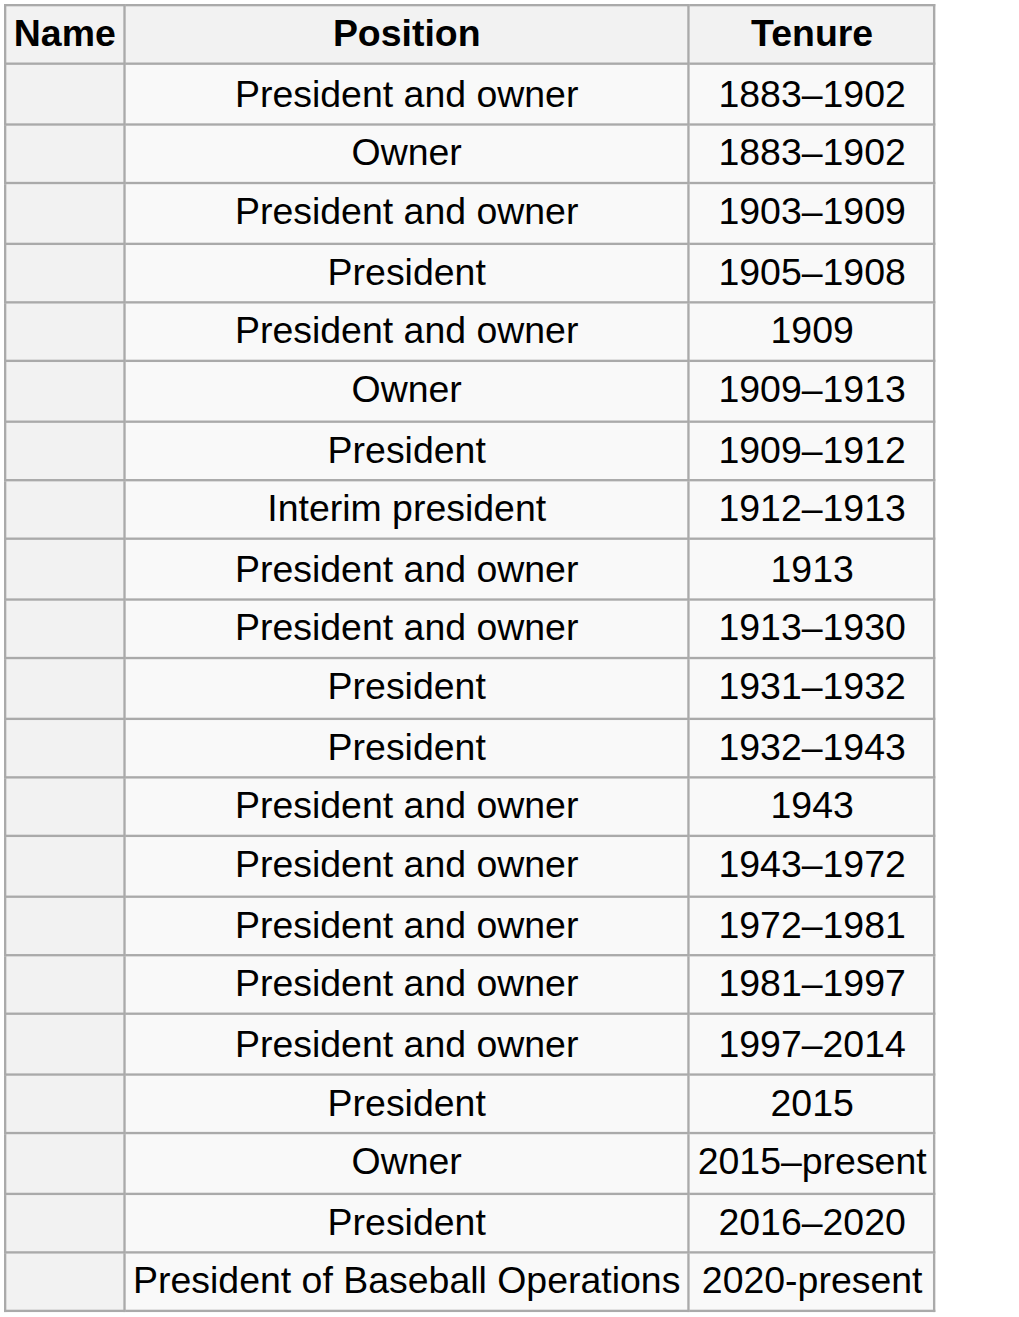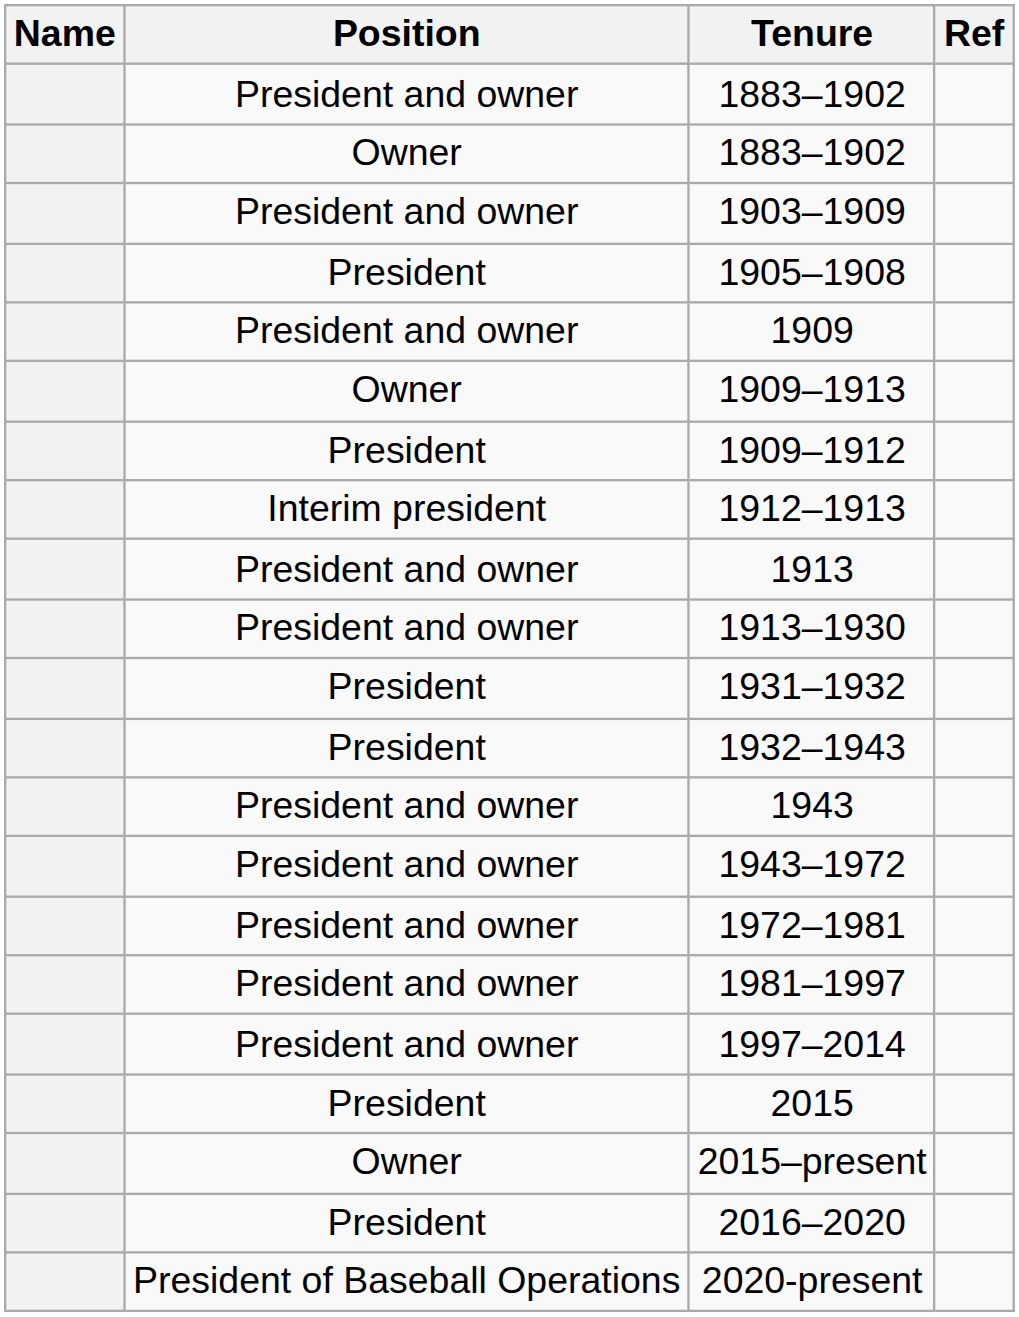 <table class="wikitable sortable" style="text-align:center;">
 <tr>
 <th scope="col">Name</th>
 <th scope="col">Position</th>
 <th scope="col">Tenure</th>
+<th scope="col" class="unsortable">Ref</th>
 </tr>
 <tr>
 <th scope="row"></th>
 <td>President and owner</td>
 <td>1883–1902</td>
+<td></td>
 </tr>
 <tr>
 <th scope="row"></th>
 <td>Owner</td>
 <td>1883–1902</td>
+<td></td>
 </tr>
 <tr>
 <th scope="row"></th>
 <td>President and owner</td>
 <td>1903–1909</td>
+<td></td>
 </tr>
 <tr>
 <th scope="row"></th>
 <td>President</td>
 <td>1905–1908</td>
+<td></td>
 </tr>
 <tr>
 <th scope="row"></th>
 <td>President and owner</td>
 <td>1909</td>
+<td></td>
 </tr>
 <tr>
 <th scope="row"></th>
 <td>Owner</td>
 <td>1909–1913</td>
+<td></td>
 </tr>
 <tr>
 <th scope="row"></th>
 <td>President</td>
 <td>1909–1912</td>
+<td></td>
 </tr>
 <tr>
 <th scope="row"></th>
 <td>Interim president</td>
 <td>1912–1913</td>
+<td></td>
 </tr>
 <tr>
 <th scope="row"></th>
 <td>President and owner</td>
 <td>1913</td>
+<td></td>
 </tr>
 <tr>
 <th scope="row"></th>
 <td>President and owner</td>
 <td>1913–1930</td>
+<td></td>
 </tr>
 <tr>
 <th scope="row"></th>
 <td>President</td>
 <td>1931–1932</td>
+<td></td>
 </tr>
 <tr>
 <th scope="row"></th>
 <td>President</td>
 <td>1932–1943</td>
+<td></td>
 </tr>
 <tr>
 <th scope="row"></th>
 <td>President and owner</td>
 <td>1943</td>
+<td></td>
 </tr>
 <tr>
 <th scope="row"></th>
 <td>President and owner</td>
 <td>1943–1972</td>
+<td></td>
 </tr>
 <tr>
 <th scope="row"></th>
 <td>President and owner</td>
 <td>1972–1981</td>
+<td></td>
 </tr>
 <tr>
 <th scope="row"></th>
 <td>President and owner</td>
 <td>1981–1997</td>
+<td></td>
 </tr>
 <tr>
 <th scope="row"></th>
 <td>President and owner</td>
 <td>1997–2014</td>
+<td></td>
 </tr>
 <tr>
 <th scope="row"></th>
 <td>President</td>
 <td>2015</td>
+<td></td>
 </tr>
 <tr>
 <th scope="row"></th>
 <td>Owner</td>
 <td>2015–present</td>
+<td></td>
 </tr>
 <tr>
 <th scope="row"></th>
 <td>President</td>
 <td>2016–2020</td>
+<td></td>
 </tr>
 <tr>
 <th scope="row"></th>
 <td>President of Baseball Operations</td>
 <td>2020-present</td>
+<td></td>
 </tr>
 </table>
